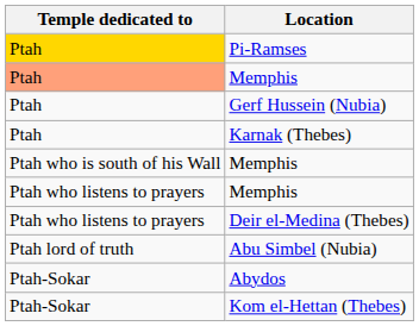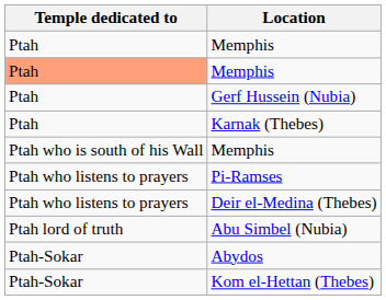 <table class="wikitable">
 <tr>
 <th>Temple dedicated to</th>
 <th>Location</th>
 </tr>
 <tr>
-<td style="background: gold;">Ptah</td>
-<td><a href='#'>Pi-Ramses</a></td>
+<td>Ptah</td>
+<td>Memphis</td>
 </tr>
 <tr>
 <td style="background: lightsalmon;">Ptah</td>
 <td><a href='#'>Memphis</a></td>
 </tr>
 <tr>
 <td>Ptah</td>
 <td><a href='#'>Gerf Hussein</a> (<a href='#'>Nubia</a>)</td>
 </tr>
 <tr>
 <td>Ptah</td>
 <td><a href='#'>Karnak</a> (Thebes)</td>
 </tr>
 <tr>
 <td>Ptah who is south of his Wall</td>
 <td>Memphis</td>
 </tr>
 <tr>
 <td>Ptah who listens to prayers</td>
-<td>Memphis</td>
+<td><a href='#'>Pi-Ramses</a></td>
 </tr>
 <tr>
 <td>Ptah who listens to prayers</td>
 <td><a href='#'>Deir el-Medina</a> (Thebes)</td>
 </tr>
 <tr>
 <td>Ptah lord of truth</td>
 <td><a href='#'>Abu Simbel</a> (Nubia)</td>
 </tr>
 <tr>
 <td>Ptah-Sokar</td>
 <td><a href='#'>Abydos</a></td>
 </tr>
 <tr>
 <td>Ptah-Sokar</td>
 <td><a href='#'>Kom el-Hettan</a> (<a href='#'>Thebes</a>)</td>
 </tr>
 </table>
